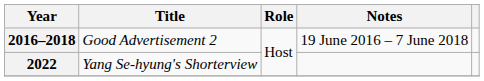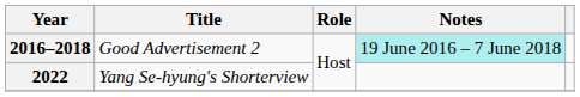 <table class="wikitable  plainrowheaders">
 <tr>
 <th scope="col">Year</th>
 <th scope="col">Title</th>
 <th scope="col">Role</th>
 <th scope="col">Notes</th>
 <th scope="col" class="unsortable"></th>
 </tr>
 <tr>
 <th scope="row">2016–2018</th>
 <td><em>Good Advertisement 2</em></td>
 <td rowspan=2>Host</td>
-<td>19 June 2016 – 7 June 2018</td>
+<td style="background: paleturquoise;">19 June 2016 – 7 June 2018</td>
 <td></td>
 </tr>
 <tr>
 <th scope="row">2022</th>
 <td><em>Yang Se-hyung's Shorterview</em></td>
 <td></td>
 <td></td>
 </tr>
 <tr>
 </tr>
 </table>
